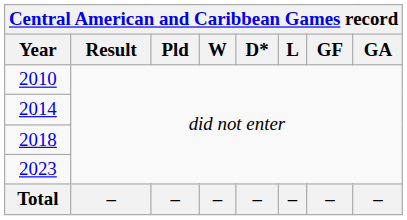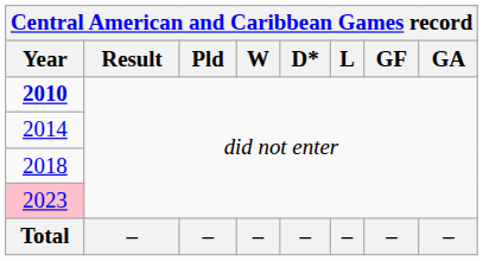 <table class="wikitable" style="text-align: center;">
 <tr>
 <th colspan=8><a href='#'>Central American and Caribbean Games</a> record</th>
 </tr>
 <tr>
 <th>Year</th>
 <th>Result</th>
 <th>Pld</th>
 <th>W</th>
 <th>D*</th>
 <th>L</th>
 <th>GF</th>
 <th>GA</th>
 </tr>
 <tr>
-<td> <a href='#'>2010</a></td>
+<td><strong> <a href='#'>2010</a></strong></td>
 <td colspan=8 rowspan=4><em>did not enter</em></td>
 </tr>
 <tr>
 <td> <a href='#'>2014</a></td>
 </tr>
 <tr>
 <td> <a href='#'>2018</a></td>
 </tr>
 <tr>
-<td> <a href='#'>2023</a></td>
+<td style="background: pink;"> <a href='#'>2023</a></td>
 </tr>
 <tr>
 <th>Total</th>
 <th>–</th>
 <th>–</th>
 <th>–</th>
 <th>–</th>
 <th>–</th>
 <th>–</th>
 <th>–</th>
 </tr>
 </table>
